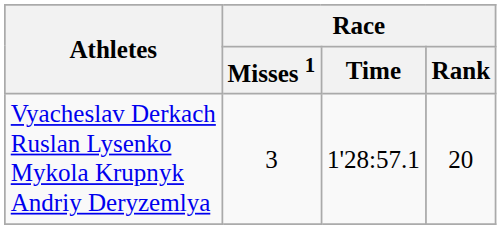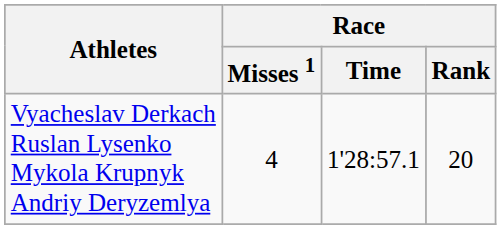 <table class="wikitable" border="1" style="font-size:90%">
 <tr>
 <th rowspan=2>Athletes</th>
 <th colspan=3>Race</th>
 </tr>
 <tr>
 <th>Misses <sup>1</sup></th>
 <th>Time</th>
 <th>Rank</th>
 </tr>
 <tr>
 <td><a href='#'>Vyacheslav Derkach</a><br><a href='#'>Ruslan Lysenko</a><br><a href='#'>Mykola Krupnyk</a><br><a href='#'>Andriy Deryzemlya</a></td>
-<td align=center>3</td>
+<td align=center>4</td>
 <td align=center>1'28:57.1</td>
 <td align=center>20</td>
 </tr>
 </table>
